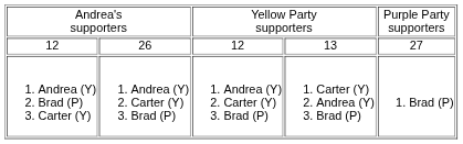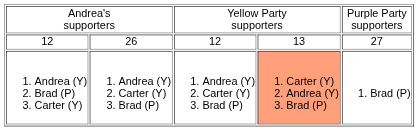 <table border=1>
 <tr>
 <td colspan="2" align="center">Andrea's<br>supporters</td>
 <td colspan="2" align="center">Yellow Party<br>supporters</td>
 <td colspan="1" align="center">Purple Party<br>supporters</td>
 </tr>
 <tr>
 <td align="center">12</td>
 <td align="center">26</td>
 <td align="center">12</td>
 <td align="center">13</td>
 <td align="center">27</td>
 </tr>
 <tr>
 <td><br><ol><li>Andrea (Y)</li><li>Brad (P)</li><li>Carter (Y)</li></ol></td>
 <td><br><ol><li>Andrea (Y)</li><li>Carter (Y)</li><li>Brad (P)</li></ol></td>
 <td><br><ol><li>Andrea (Y)</li><li>Carter (Y)</li><li>Brad (P)</li></ol></td>
-<td><br><ol><li>Carter (Y)</li><li>Andrea (Y)</li><li>Brad (P)</li></ol></td>
+<td style="background: lightsalmon;"><br><ol><li>Carter (Y)</li><li>Andrea (Y)</li><li>Brad (P)</li></ol></td>
 <td><br><ol><li>Brad (P)</li></ol></td>
 </tr>
 </table>
